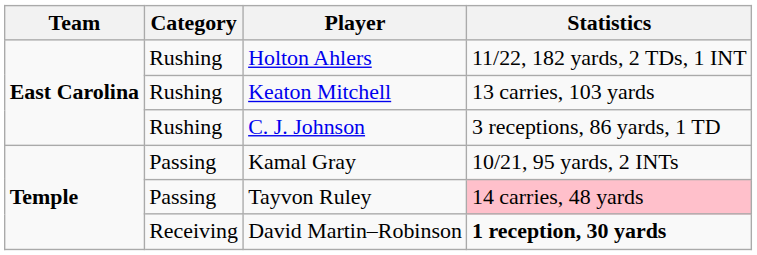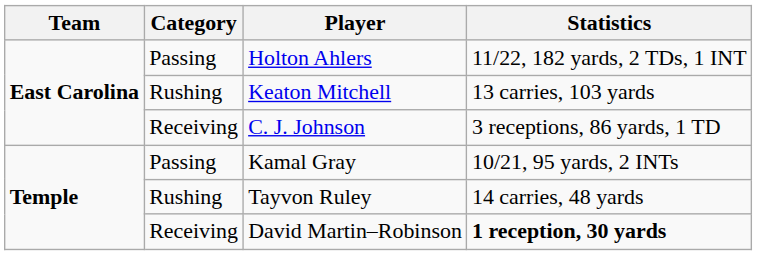 <table class="wikitable" style="float: left;">
 <tr>
 <th>Team</th>
 <th>Category</th>
 <th>Player</th>
 <th>Statistics</th>
 </tr>
 <tr>
 <td rowspan=3><strong>East Carolina</strong></td>
-<td>Rushing</td>
+<td>Passing</td>
 <td><a href='#'>Holton Ahlers</a></td>
 <td>11/22, 182 yards, 2 TDs, 1 INT</td>
 </tr>
 <tr>
 <td>Rushing</td>
 <td><a href='#'>Keaton Mitchell</a></td>
 <td>13 carries, 103 yards</td>
 </tr>
 <tr>
-<td>Rushing</td>
+<td>Receiving</td>
 <td><a href='#'>C. J. Johnson</a></td>
 <td>3 receptions, 86 yards, 1 TD</td>
 </tr>
 <tr>
 <td rowspan=3><strong>Temple</strong></td>
 <td>Passing</td>
 <td>Kamal Gray</td>
 <td>10/21, 95 yards, 2 INTs</td>
 </tr>
 <tr>
-<td>Passing</td>
+<td>Rushing</td>
 <td>Tayvon Ruley</td>
-<td style="background: pink;">14 carries, 48 yards</td>
+<td>14 carries, 48 yards</td>
 </tr>
 <tr>
 <td>Receiving</td>
 <td>David Martin–Robinson</td>
 <td><strong>1 reception, 30 yards</strong></td>
 </tr>
 </table>
